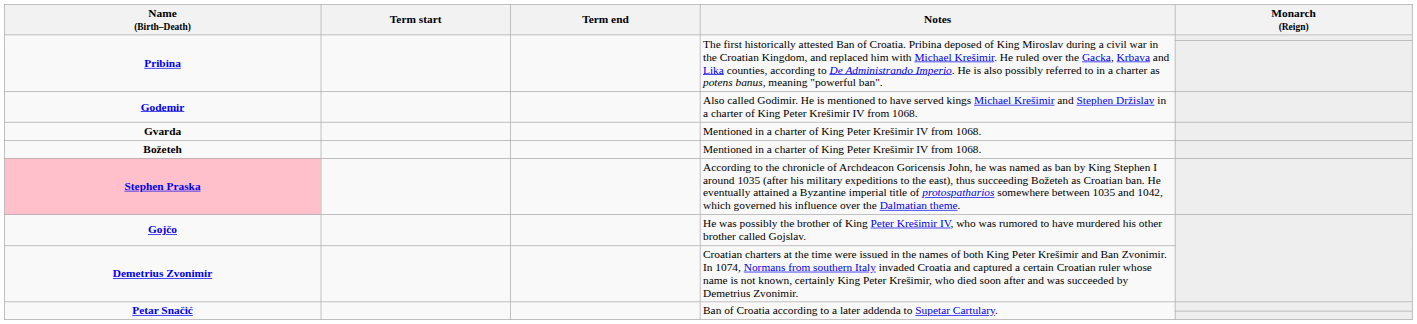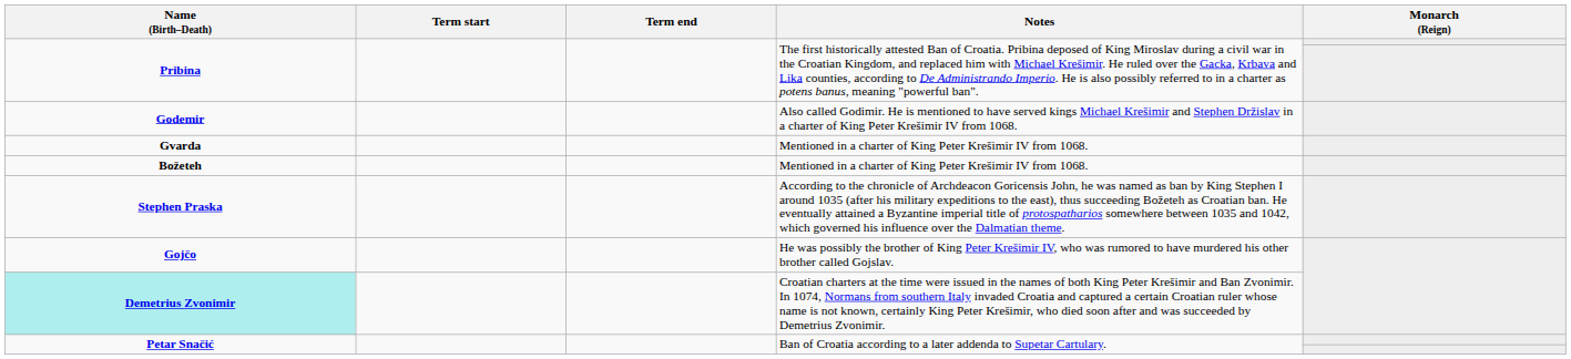 <table class="wikitable" style="text-align:center" width=100%>
 <tr>
 <th width=20%>Name<small><br>(Birth–Death)</small></th>
 <th width=12%>Term start</th>
 <th width=12%>Term end</th>
 <th width=30%>Notes</th>
 <th width=15%>Monarch<br><small>(Reign)</small></th>
 </tr>
 <tr>
 <td rowspan="2" align="center"><strong><a href='#'>Pribina</a></strong></td>
 <td rowspan="2" width="10%" align="center"></td>
 <td rowspan="2" width="10%" align="center"></td>
 <td rowspan="2" align="left">The first historically attested Ban of Croatia. Pribina deposed of King Miroslav during a civil war in the Croatian Kingdom, and replaced him with <a href='#'>Michael Krešimir</a>. He ruled over the <a href='#'>Gacka</a>, <a href='#'>Krbava</a> and <a href='#'>Lika</a> counties, according to <em><a href='#'>De Administrando Imperio</a></em>. He is also possibly referred to in a charter as <em>potens banus</em>, meaning "powerful ban".</td>
 <td bgcolor=#EEEEEE></td>
 </tr>
 <tr>
 <td rowspan="2" bgcolor=#EEEEEE></td>
 </tr>
 <tr>
 <td rowspan="2" align="center"><strong><a href='#'>Godemir</a></strong></td>
 <td rowspan="2" width="10%" align="center"></td>
 <td rowspan="2" width="10%" align="center"></td>
 <td rowspan="2" align="left">Also called Godimir. He is mentioned to have served kings <a href='#'>Michael Krešimir</a> and <a href='#'>Stephen Držislav</a> in a charter of King Peter Krešimir IV from 1068.</td>
 </tr>
 <tr>
 <td rowspan="2" bgcolor=#EEEEEE></td>
 </tr>
 <tr>
 <td rowspan="2" align="center"><strong>Gvarda</strong></td>
 <td rowspan="2" width="10%" align="center"></td>
 <td rowspan="2" width="10%" align="center"></td>
 <td rowspan="2" align="left">Mentioned in a charter of King Peter Krešimir IV from 1068.</td>
 </tr>
 <tr>
 <td rowspan="2" bgcolor=#EEEEEE></td>
 </tr>
 <tr>
 <td rowspan="2" align="center"><strong>Božeteh</strong></td>
 <td rowspan="2" width="10%" align="center"></td>
 <td rowspan="2" width="10%" align="center"></td>
 <td rowspan="2" align="left">Mentioned in a charter of King Peter Krešimir IV from 1068.</td>
 </tr>
 <tr>
 <td bgcolor="#EEEEEE"></td>
 </tr>
 <tr>
-<td align="center" style="background: pink;"><strong><a href='#'>Stephen Praska</a></strong></td>
+<td align="center"><strong><a href='#'>Stephen Praska</a></strong></td>
 <td width=10% align="center"></td>
 <td width=10% align="center"></td>
 <td align="left">According to the chronicle of Archdeacon Goricensis John, he was named as ban by King Stephen I around 1035 (after his military expeditions to the east), thus succeeding Božeteh as Croatian ban. He eventually attained a Byzantine imperial title of <em><a href='#'>protospatharios</a></em> somewhere between 1035 and 1042, which governed his influence over the <a href='#'>Dalmatian theme</a>.</td>
 <td bgcolor="#EEEEEE"></td>
 </tr>
 <tr>
 <td align="center"><strong><a href='#'>Gojčo</a></strong></td>
 <td width="10%" align="center"></td>
 <td width="10%" align="center"></td>
 <td align="left">He was possibly the brother of King <a href='#'>Peter Krešimir IV</a>, who was rumored to have murdered his other brother called Gojslav.</td>
 <td rowspan="2" bgcolor="#EEEEEE"></td>
 </tr>
 <tr>
-<td align="center"><strong><a href='#'>Demetrius Zvonimir</a></strong></td>
+<td align="center" style="background: paleturquoise;"><strong><a href='#'>Demetrius Zvonimir</a></strong></td>
 <td width="10%" align="center"></td>
 <td width="10%" align="center"></td>
 <td align="left">Croatian charters at the time were issued in the names of both King Peter Krešimir and Ban Zvonimir. In 1074, <a href='#'>Normans from southern Italy</a> invaded Croatia and captured a certain Croatian ruler whose name is not known, certainly King Peter Krešimir, who died soon after and was succeeded by Demetrius Zvonimir.</td>
 </tr>
 <tr>
 <td rowspan="2" align="center"><strong><a href='#'>Petar Snačić</a></strong></td>
 <td rowspan="2" width="10%" align="center"></td>
 <td rowspan="2" width="10%" align="center"></td>
 <td rowspan="2" align="left">Ban of Croatia according to a later addenda to <a href='#'>Supetar Cartulary</a>.</td>
 <td bgcolor="#EEEEEE"></td>
 </tr>
 <tr>
 <td bgcolor="#EEEEEE"></td>
 </tr>
 </table>
